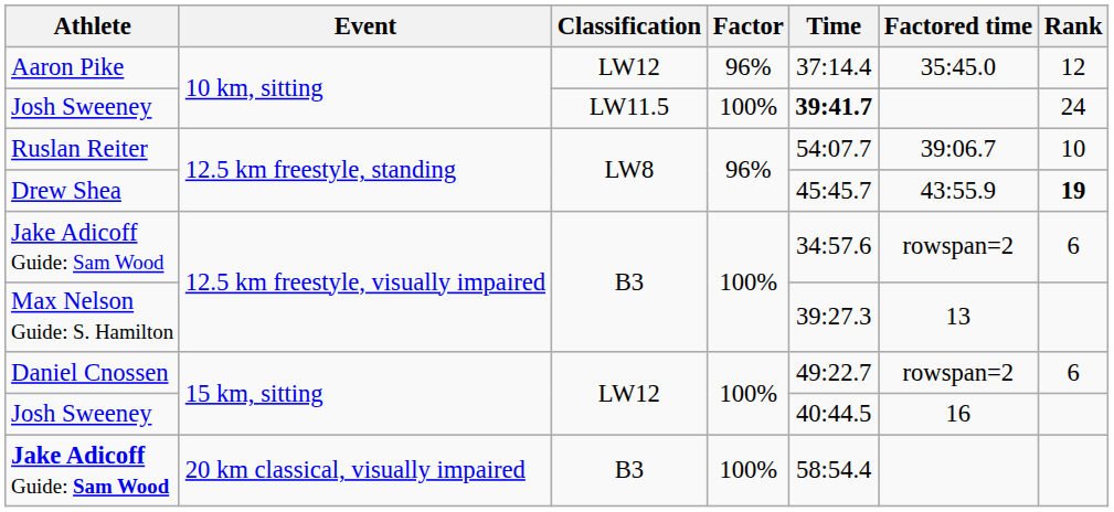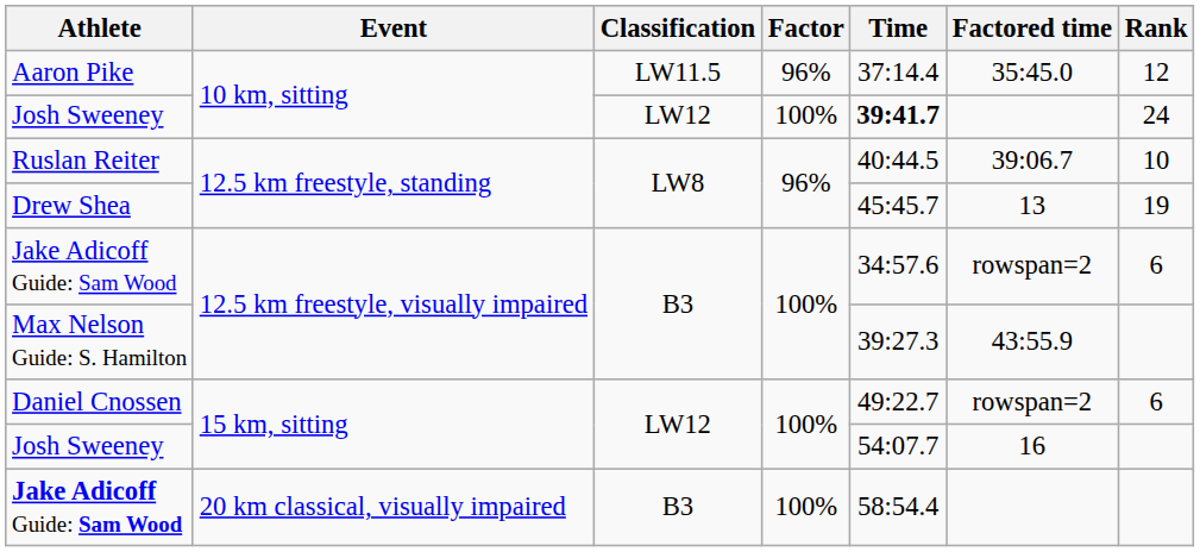 <table class=wikitable style=font-size:90%;text-align:center>
 <tr>
 <th>Athlete</th>
 <th>Event</th>
 <th>Classification</th>
 <th>Factor</th>
 <th>Time</th>
 <th>Factored time</th>
 <th>Rank</th>
 </tr>
 <tr>
 <td align=left><a href='#'>Aaron Pike</a></td>
 <td align=left rowspan=2><a href='#'>10 km, sitting</a></td>
-<td>LW12</td>
+<td>LW11.5</td>
 <td>96%</td>
 <td>37:14.4</td>
 <td>35:45.0</td>
 <td>12</td>
 </tr>
 <tr>
 <td align=left><a href='#'>Josh Sweeney</a></td>
-<td>LW11.5</td>
+<td>LW12</td>
 <td>100%</td>
 <td><strong>39:41.7</strong></td>
 <td></td>
 <td>24</td>
 </tr>
 <tr>
 <td align=left><a href='#'>Ruslan Reiter</a></td>
 <td align=left rowspan=2><a href='#'>12.5 km freestyle, standing</a></td>
 <td rowspan=2>LW8</td>
 <td rowspan=2>96%</td>
-<td>54:07.7</td>
+<td>40:44.5</td>
 <td>39:06.7</td>
 <td>10</td>
 </tr>
 <tr>
 <td align=left><a href='#'>Drew Shea</a></td>
 <td>45:45.7</td>
-<td>43:55.9</td>
-<td><strong>19</strong></td>
+<td>13</td>
+<td>19</td>
 </tr>
 <tr>
 <td align=left><a href='#'>Jake Adicoff</a><br><small>Guide: <a href='#'>Sam Wood</a></small></td>
 <td align=left rowspan=2><a href='#'>12.5 km freestyle, visually impaired</a></td>
 <td rowspan=2>B3</td>
 <td rowspan=2>100%</td>
 <td>34:57.6</td>
 <td>rowspan=2 </td>
 <td>6</td>
 </tr>
 <tr>
 <td align=left><a href='#'>Max Nelson</a><br><small>Guide: S. Hamilton</small></td>
 <td>39:27.3</td>
-<td>13</td>
+<td>43:55.9</td>
 </tr>
 <tr>
 <td align=left><a href='#'>Daniel Cnossen</a></td>
 <td align=left rowspan=2><a href='#'>15 km, sitting</a></td>
 <td rowspan=2>LW12</td>
 <td rowspan=2>100%</td>
 <td>49:22.7</td>
 <td>rowspan=2 </td>
 <td>6</td>
 </tr>
 <tr>
 <td align=left><a href='#'>Josh Sweeney</a></td>
-<td>40:44.5</td>
+<td>54:07.7</td>
 <td>16</td>
 </tr>
 <tr>
 <td align=left><strong><a href='#'>Jake Adicoff</a></strong><br><small>Guide: <strong><a href='#'>Sam Wood</a></strong></small></td>
 <td align=left><a href='#'>20 km classical, visually impaired</a></td>
 <td>B3</td>
 <td>100%</td>
 <td>58:54.4</td>
 <td></td>
 <td></td>
 </tr>
 </table>
